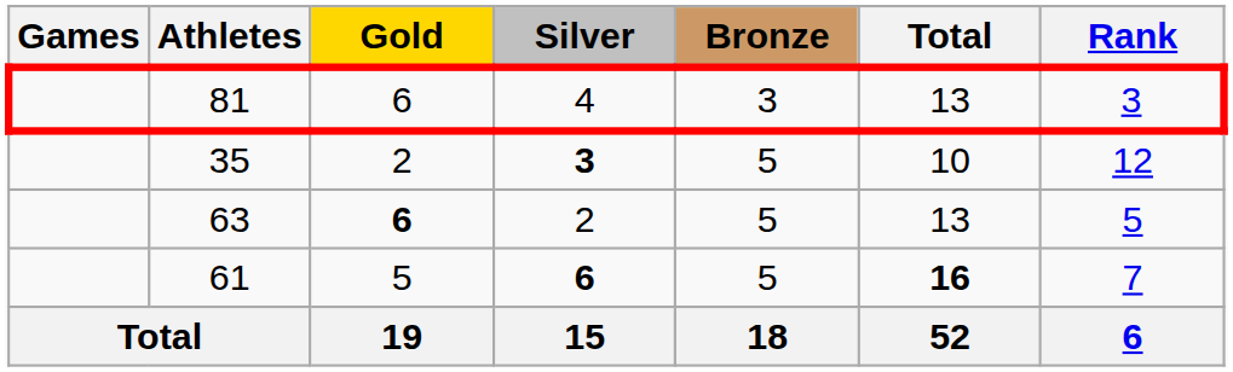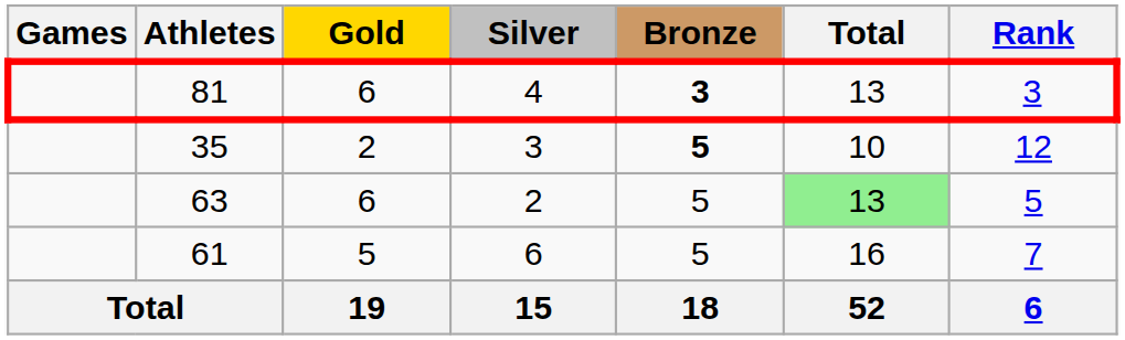 <table class="wikitable sortable" style="text-align:center; font-size:90%;">
 <tr>
 <th>Games</th>
 <th>Athletes</th>
 <th style="background:gold; width:4.5em; font-weight:bold;">Gold</th>
 <th style="background:silver; width:4.5em; font-weight:bold;">Silver</th>
 <th style="background:#cc9966; width:4.5em; font-weight:bold;">Bronze</th>
 <th style="width:4.5em; font-weight:bold;">Total</th>
 <th style="width:4.5em; font-weight:bold;"><a href='#'>Rank</a></th>
 </tr>
 <tr style="border: 3px solid red">
 <td align=left></td>
 <td>81</td>
 <td>6</td>
 <td>4</td>
-<td>3</td>
+<td><strong>3</strong></td>
 <td>13</td>
 <td><a href='#'>3</a></td>
 </tr>
 <tr>
 <td align=left></td>
 <td>35</td>
 <td>2</td>
-<td><strong>3</strong></td>
-<td>5</td>
+<td>3</td>
+<td><strong>5</strong></td>
 <td>10</td>
 <td><a href='#'>12</a></td>
 </tr>
 <tr>
 <td align=left></td>
 <td>63</td>
-<td><strong>6</strong></td>
+<td>6</td>
 <td>2</td>
 <td>5</td>
-<td>13</td>
+<td style="background: lightgreen;">13</td>
 <td><a href='#'>5</a></td>
 </tr>
 <tr>
 <td align=left></td>
 <td>61</td>
 <td>5</td>
-<td><strong>6</strong></td>
+<td>6</td>
 <td>5</td>
-<td><strong>16</strong></td>
+<td>16</td>
 <td><a href='#'>7</a></td>
 </tr>
 <tr>
 <th colspan=2>Total</th>
 <th>19</th>
 <th>15</th>
 <th>18</th>
 <th>52</th>
 <th><a href='#'>6</a></th>
 </tr>
 </table>
